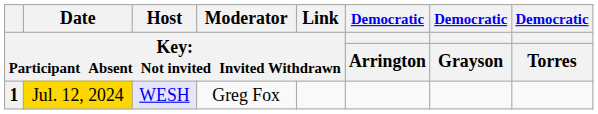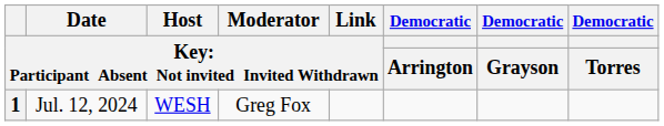 <table class="wikitable" style="text-align:center;">
 <tr>
 <th scope="col"></th>
 <th scope="col">Date</th>
 <th scope="col">Host</th>
 <th scope="col">Moderator</th>
 <th scope="col">Link</th>
 <th scope="col"><small><a href='#'>Democratic</a></small></th>
 <th scope="col"><small><a href='#'>Democratic</a></small></th>
 <th scope="col"><small><a href='#'>Democratic</a></small></th>
 </tr>
 <tr>
 <th colspan="5" rowspan="2">Key:<br> <small>Participant </small>  <small>Absent </small>  <small>Not invited </small>  <small>Invited  Withdrawn</small></th>
 <th scope="col" style="background:"></th>
 <th scope="col" style="background:"></th>
 <th scope="col" style="background:"></th>
 </tr>
 <tr>
 <th scope="col">Arrington</th>
 <th scope="col">Grayson</th>
 <th scope="col">Torres</th>
 </tr>
 <tr>
 <th>1</th>
-<td style="background: gold; white-space:nowrap;">Jul. 12, 2024</td>
-<td style="background: lavender; white-space:nowrap;"><a href='#'>WESH</a></td>
+<td style="white-space:nowrap;">Jul. 12, 2024</td>
+<td style="white-space:nowrap;"><a href='#'>WESH</a></td>
 <td style="white-space:nowrap;">Greg Fox</td>
 <td style="white-space:nowrap;"></td>
 <td></td>
 <td></td>
 <td></td>
 </tr>
 </table>
